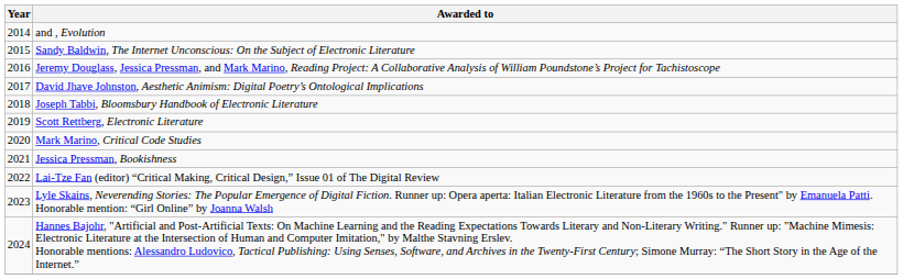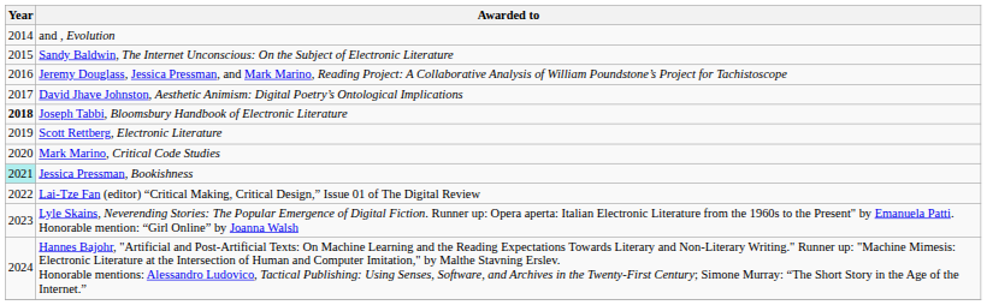 <table class="wikitable">
 <tr>
 <th>Year</th>
 <th>Awarded to</th>
 </tr>
 <tr>
 <td>2014</td>
 <td> and , <em>Evolution</em></td>
 </tr>
 <tr>
 <td>2015</td>
 <td><a href='#'>Sandy Baldwin</a>, <em>The Internet Unconscious: On the Subject of Electronic Literature</em></td>
 </tr>
 <tr>
 <td>2016</td>
 <td><a href='#'>Jeremy Douglass</a>, <a href='#'>Jessica Pressman</a>, and <a href='#'>Mark Marino</a>, <em>Reading Project: A Collaborative Analysis of William Poundstone’s Project for Tachistoscope</em></td>
 </tr>
 <tr>
 <td>2017</td>
 <td><a href='#'>David Jhave Johnston</a>, <em>Aesthetic Animism: Digital Poetry’s Ontological Implications</em></td>
 </tr>
 <tr>
-<td>2018</td>
+<td><strong>2018</strong></td>
 <td><a href='#'>Joseph Tabbi</a>, <em>Bloomsbury Handbook of Electronic Literature</em></td>
 </tr>
 <tr>
 <td>2019</td>
 <td><a href='#'>Scott Rettberg</a>, <em>Electronic Literature</em></td>
 </tr>
 <tr>
 <td>2020</td>
 <td><a href='#'>Mark Marino</a>, <em>Critical Code Studies</em></td>
 </tr>
 <tr>
-<td>2021</td>
+<td style="background: paleturquoise;">2021</td>
 <td><a href='#'>Jessica Pressman</a>, <em>Bookishness</em></td>
 </tr>
 <tr>
 <td>2022</td>
 <td><a href='#'>Lai-Tze Fan</a> (editor) “Critical Making, Critical Design,” Issue 01 of The Digital Review</td>
 </tr>
 <tr>
 <td>2023</td>
 <td><a href='#'>Lyle Skains</a>, <em>Neverending Stories: The Popular Emergence of Digital Fiction</em>. Runner up: Opera aperta: Italian Electronic Literature from the 1960s to the Present" by <a href='#'>Emanuela Patti</a>. Honorable mention:  “Girl Online” by <a href='#'>Joanna Walsh</a></td>
 </tr>
 <tr>
 <td>2024</td>
 <td><a href='#'>Hannes Bajohr</a>, "Artificial and Post-Artificial Texts: On Machine Learning and the Reading Expectations Towards Literary and Non-Literary Writing." Runner up: "Machine Mimesis: Electronic Literature at the Intersection of Human and Computer Imitation," by Malthe Stavning Erslev.<br>Honorable mentions:  <a href='#'>Alessandro Ludovico</a>, <em>Tactical Publishing: Using Senses, Software, and Archives in the Twenty-First Century</em>; Simone Murray: “The Short Story in the Age of the Internet.”</td>
 </tr>
 <tr>
 </tr>
 </table>
